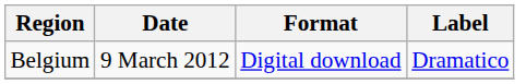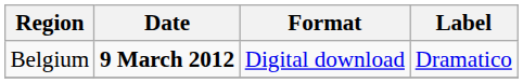 <table class=wikitable>
 <tr>
 <th>Region</th>
 <th>Date</th>
 <th>Format</th>
 <th>Label</th>
 </tr>
 <tr>
 <td>Belgium</td>
-<td>9 March 2012</td>
+<td><strong>9 March 2012</strong></td>
 <td><a href='#'>Digital download</a></td>
 <td><a href='#'>Dramatico</a></td>
 </tr>
 <tr>
 </tr>
 </table>
